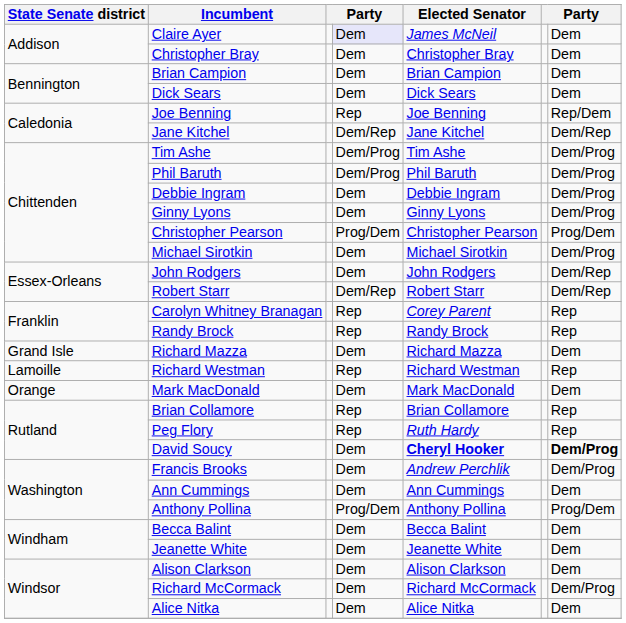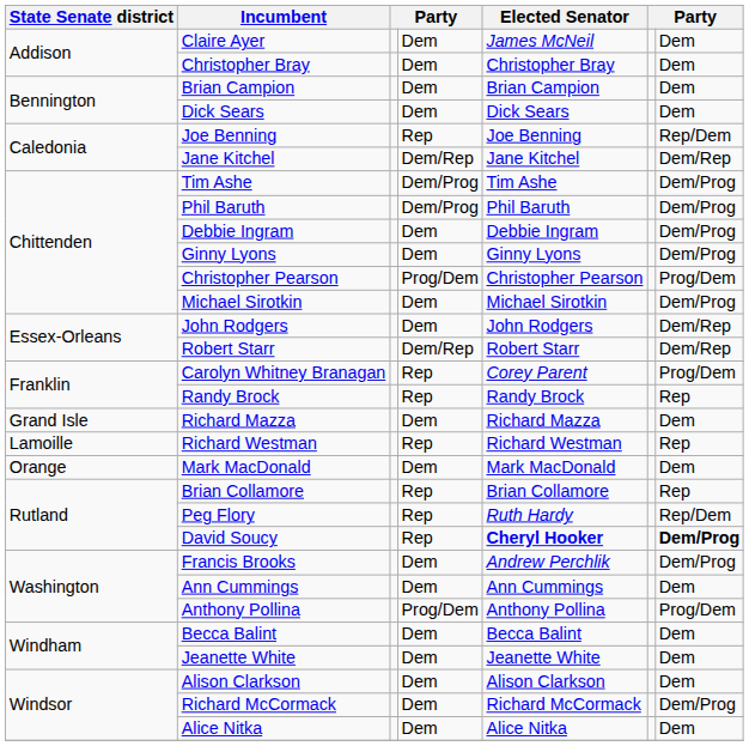 <table class="sortable wikitable" style="font-size:95%;line-height:14px;">
 <tr>
 <th colspan="1" class="unsortable"><a href='#'>State Senate</a> district</th>
 <th class="unsortable"><a href='#'>Incumbent</a></th>
 <th colspan="2">Party</th>
 <th class="unsortable">Elected Senator</th>
 <th colspan="2">Party</th>
 </tr>
 <tr>
 <td rowspan="2">Addison</td>
 <td><a href='#'>Claire Ayer</a></td>
 <td style="background:"></td>
-<td style="background: lavender;">Dem</td>
+<td>Dem</td>
 <td><em><a href='#'>James McNeil</a></em></td>
 <td style="background:"></td>
 <td>Dem</td>
 </tr>
 <tr>
 <td><a href='#'>Christopher Bray</a></td>
 <td style="background:"></td>
 <td>Dem</td>
 <td><a href='#'>Christopher Bray</a></td>
 <td style="background:"></td>
 <td>Dem</td>
 </tr>
 <tr>
 <td rowspan="2">Bennington</td>
 <td><a href='#'>Brian Campion</a></td>
 <td style="background:"></td>
 <td>Dem</td>
 <td><a href='#'>Brian Campion</a></td>
 <td style="background:"></td>
 <td>Dem</td>
 </tr>
 <tr>
 <td><a href='#'>Dick Sears</a></td>
 <td style="background:"></td>
 <td>Dem</td>
 <td><a href='#'>Dick Sears</a></td>
 <td style="background:"></td>
 <td>Dem</td>
 </tr>
 <tr>
 <td rowspan="2">Caledonia</td>
 <td><a href='#'>Joe Benning</a></td>
 <td style="background:"></td>
 <td>Rep</td>
 <td><a href='#'>Joe Benning</a></td>
 <td style="background:"></td>
 <td>Rep/Dem</td>
 </tr>
 <tr>
 <td><a href='#'>Jane Kitchel</a></td>
 <td style="background:"></td>
 <td>Dem/Rep</td>
 <td><a href='#'>Jane Kitchel</a></td>
 <td style="background:"></td>
 <td>Dem/Rep</td>
 </tr>
 <tr>
 <td rowspan="6">Chittenden</td>
 <td><a href='#'>Tim Ashe</a></td>
 <td style="background:"></td>
 <td>Dem/Prog</td>
 <td><a href='#'>Tim Ashe</a></td>
 <td style="background:"></td>
 <td>Dem/Prog</td>
 </tr>
 <tr>
 <td><a href='#'>Phil Baruth</a></td>
 <td style="background:"></td>
 <td>Dem/Prog</td>
 <td><a href='#'>Phil Baruth</a></td>
 <td style="background:"></td>
 <td>Dem/Prog</td>
 </tr>
 <tr>
 <td><a href='#'>Debbie Ingram</a></td>
 <td style="background:"></td>
 <td>Dem</td>
 <td><a href='#'>Debbie Ingram</a></td>
 <td style="background:"></td>
 <td>Dem/Prog</td>
 </tr>
 <tr>
 <td><a href='#'>Ginny Lyons</a></td>
 <td style="background:"></td>
 <td>Dem</td>
 <td><a href='#'>Ginny Lyons</a></td>
 <td style="background:"></td>
 <td>Dem/Prog</td>
 </tr>
 <tr>
 <td><a href='#'>Christopher Pearson</a></td>
 <td style="background:"></td>
 <td>Prog/Dem</td>
 <td><a href='#'>Christopher Pearson</a></td>
 <td style="background:"></td>
 <td>Prog/Dem</td>
 </tr>
 <tr>
 <td><a href='#'>Michael Sirotkin</a></td>
 <td style="background:"></td>
 <td>Dem</td>
 <td><a href='#'>Michael Sirotkin</a></td>
 <td style="background:"></td>
 <td>Dem/Prog</td>
 </tr>
 <tr>
 <td rowspan="2">Essex-Orleans</td>
 <td><a href='#'>John Rodgers</a></td>
 <td style="background:"></td>
 <td>Dem</td>
 <td><a href='#'>John Rodgers</a></td>
 <td style="background:"></td>
 <td>Dem/Rep</td>
 </tr>
 <tr>
 <td><a href='#'>Robert Starr</a></td>
 <td style="background:"></td>
 <td>Dem/Rep</td>
 <td><a href='#'>Robert Starr</a></td>
 <td style="background:"></td>
 <td>Dem/Rep</td>
 </tr>
 <tr>
 <td rowspan="2">Franklin</td>
 <td><a href='#'>Carolyn Whitney Branagan</a></td>
 <td style="background:"></td>
 <td>Rep</td>
 <td><em><a href='#'>Corey Parent</a></em></td>
 <td style="background:"></td>
-<td>Rep</td>
+<td>Prog/Dem</td>
 </tr>
 <tr>
 <td><a href='#'>Randy Brock</a></td>
 <td style="background:"></td>
 <td>Rep</td>
 <td><a href='#'>Randy Brock</a></td>
 <td style="background:"></td>
 <td>Rep</td>
 </tr>
 <tr>
 <td>Grand Isle</td>
 <td><a href='#'>Richard Mazza</a></td>
 <td style="background:"></td>
 <td>Dem</td>
 <td><a href='#'>Richard Mazza</a></td>
 <td style="background:"></td>
 <td>Dem</td>
 </tr>
 <tr>
 <td>Lamoille</td>
 <td><a href='#'>Richard Westman</a></td>
 <td style="background:"></td>
 <td>Rep</td>
 <td><a href='#'>Richard Westman</a></td>
 <td style="background:"></td>
 <td>Rep</td>
 </tr>
 <tr>
 <td>Orange</td>
 <td><a href='#'>Mark MacDonald</a></td>
 <td style="background:"></td>
 <td>Dem</td>
 <td><a href='#'>Mark MacDonald</a></td>
 <td style="background:"></td>
 <td>Dem</td>
 </tr>
 <tr>
 <td rowspan="3">Rutland</td>
 <td><a href='#'>Brian Collamore</a></td>
 <td style="background:"></td>
 <td>Rep</td>
 <td><a href='#'>Brian Collamore</a></td>
 <td style="background:"></td>
 <td>Rep</td>
 </tr>
 <tr>
 <td><a href='#'>Peg Flory</a></td>
 <td style="background:"></td>
 <td>Rep</td>
 <td><em><a href='#'>Ruth Hardy</a></em></td>
 <td style="background:"></td>
-<td>Rep</td>
+<td>Rep/Dem</td>
 </tr>
 <tr>
 <td><a href='#'>David Soucy</a></td>
 <td style="background:"></td>
-<td>Dem</td>
+<td>Rep</td>
 <td><strong><a href='#'>Cheryl Hooker</a></strong></td>
 <td style="background:"></td>
 <td><strong>Dem/Prog</strong></td>
 </tr>
 <tr>
 <td rowspan="3">Washington</td>
 <td><a href='#'>Francis Brooks</a></td>
 <td style="background:"></td>
 <td>Dem</td>
 <td><em><a href='#'>Andrew Perchlik</a></em></td>
 <td style="background:"></td>
 <td>Dem/Prog</td>
 </tr>
 <tr>
 <td><a href='#'>Ann Cummings</a></td>
 <td style="background:"></td>
 <td>Dem</td>
 <td><a href='#'>Ann Cummings</a></td>
 <td style="background:"></td>
 <td>Dem</td>
 </tr>
 <tr>
 <td><a href='#'>Anthony Pollina</a></td>
 <td style="background:"></td>
 <td>Prog/Dem</td>
 <td><a href='#'>Anthony Pollina</a></td>
 <td style="background:"></td>
 <td>Prog/Dem</td>
 </tr>
 <tr>
 <td rowspan="2">Windham</td>
 <td><a href='#'>Becca Balint</a></td>
 <td style="background:"></td>
 <td>Dem</td>
 <td><a href='#'>Becca Balint</a></td>
 <td style="background:"></td>
 <td>Dem</td>
 </tr>
 <tr>
 <td><a href='#'>Jeanette White</a></td>
 <td style="background:"></td>
 <td>Dem</td>
 <td><a href='#'>Jeanette White</a></td>
 <td style="background:"></td>
 <td>Dem</td>
 </tr>
 <tr>
 <td rowspan="3">Windsor</td>
 <td><a href='#'>Alison Clarkson</a></td>
 <td style="background:"></td>
 <td>Dem</td>
 <td><a href='#'>Alison Clarkson</a></td>
 <td style="background:"></td>
 <td>Dem</td>
 </tr>
 <tr>
 <td><a href='#'>Richard McCormack</a></td>
 <td style="background:"></td>
 <td>Dem</td>
 <td><a href='#'>Richard McCormack</a></td>
 <td style="background:"></td>
 <td>Dem/Prog</td>
 </tr>
 <tr>
 <td><a href='#'>Alice Nitka</a></td>
 <td style="background:"></td>
 <td>Dem</td>
 <td><a href='#'>Alice Nitka</a></td>
 <td style="background:"></td>
 <td>Dem</td>
 </tr>
 <tr>
 </tr>
 </table>
